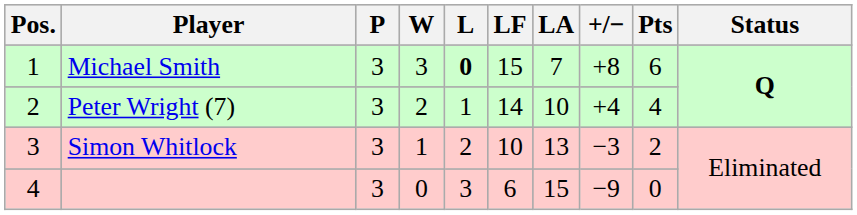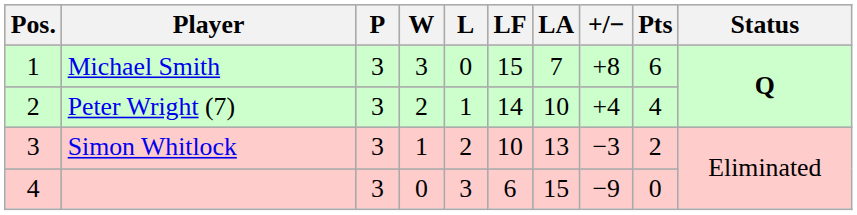 <table class="wikitable" style="text-align:center; margin: 1em auto 1em auto, align:left">
 <tr>
 <th width=20>Pos.</th>
 <th width=175>Player</th>
 <th width=20>P</th>
 <th width=20>W</th>
 <th width=20>L</th>
 <th width=20>LF</th>
 <th width=20>LA</th>
 <th width=25>+/−</th>
 <th width=20>Pts</th>
 <th width=100>Status</th>
 </tr>
 <tr style="background:#CCFFCC;">
 <td>1</td>
 <td style="text-align:left;"> <a href='#'>Michael Smith</a></td>
 <td>3</td>
 <td>3</td>
-<td><strong>0</strong></td>
+<td>0</td>
 <td>15</td>
 <td>7</td>
 <td>+8</td>
 <td>6</td>
 <td rowspan=2><strong>Q</strong></td>
 </tr>
 <tr style="background:#CCFFCC;">
 <td>2</td>
 <td style="text-align:left;"> <a href='#'>Peter Wright</a> (7)</td>
 <td>3</td>
 <td>2</td>
 <td>1</td>
 <td>14</td>
 <td>10</td>
 <td>+4</td>
 <td>4</td>
 </tr>
 <tr style="background:#FFCCCC;">
 <td>3</td>
 <td style="text-align:left;"> <a href='#'>Simon Whitlock</a></td>
 <td>3</td>
 <td>1</td>
 <td>2</td>
 <td>10</td>
 <td>13</td>
 <td>−3</td>
 <td>2</td>
 <td rowspan=2>Eliminated</td>
 </tr>
 <tr style="background:#FFCCCC;">
 <td>4</td>
 <td style="text-align:left;"></td>
 <td>3</td>
 <td>0</td>
 <td>3</td>
 <td>6</td>
 <td>15</td>
 <td>−9</td>
 <td>0</td>
 </tr>
 </table>
